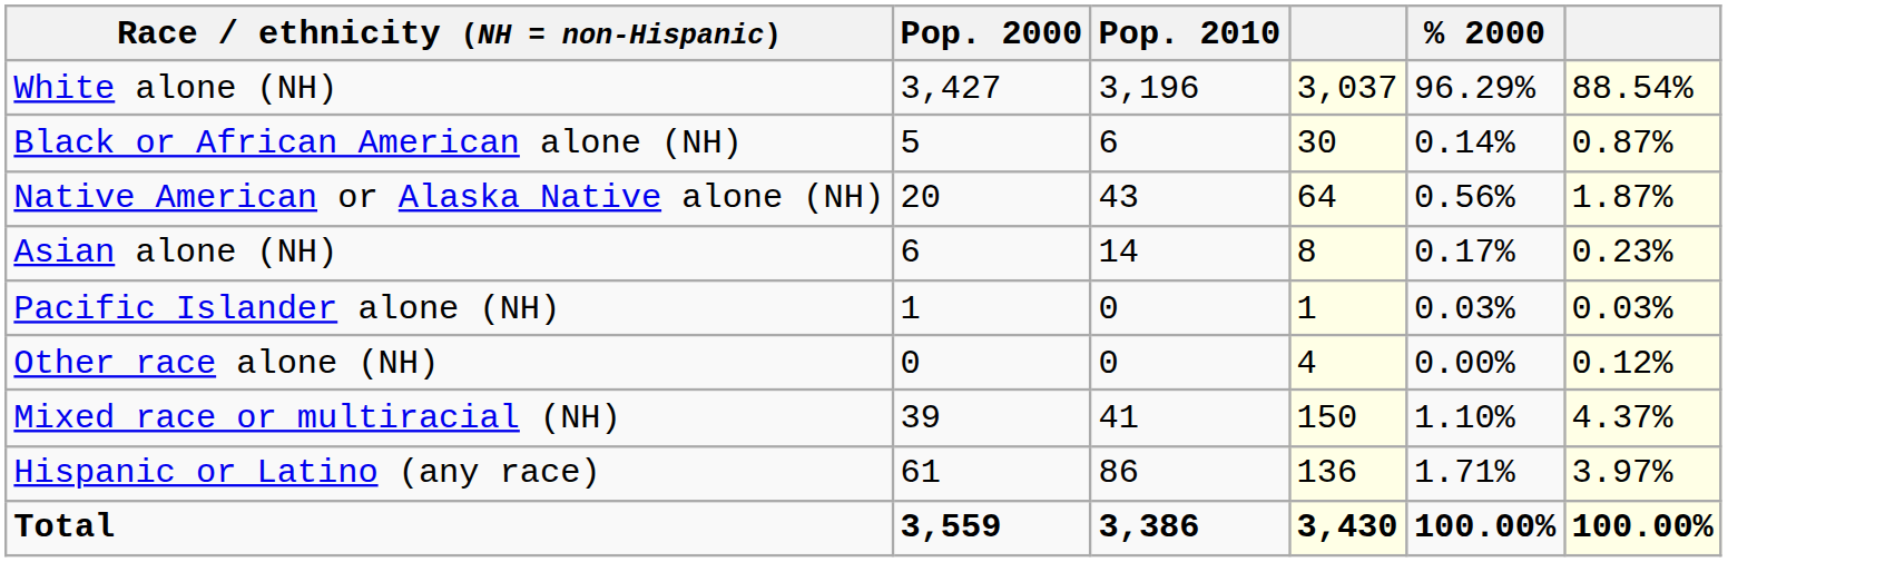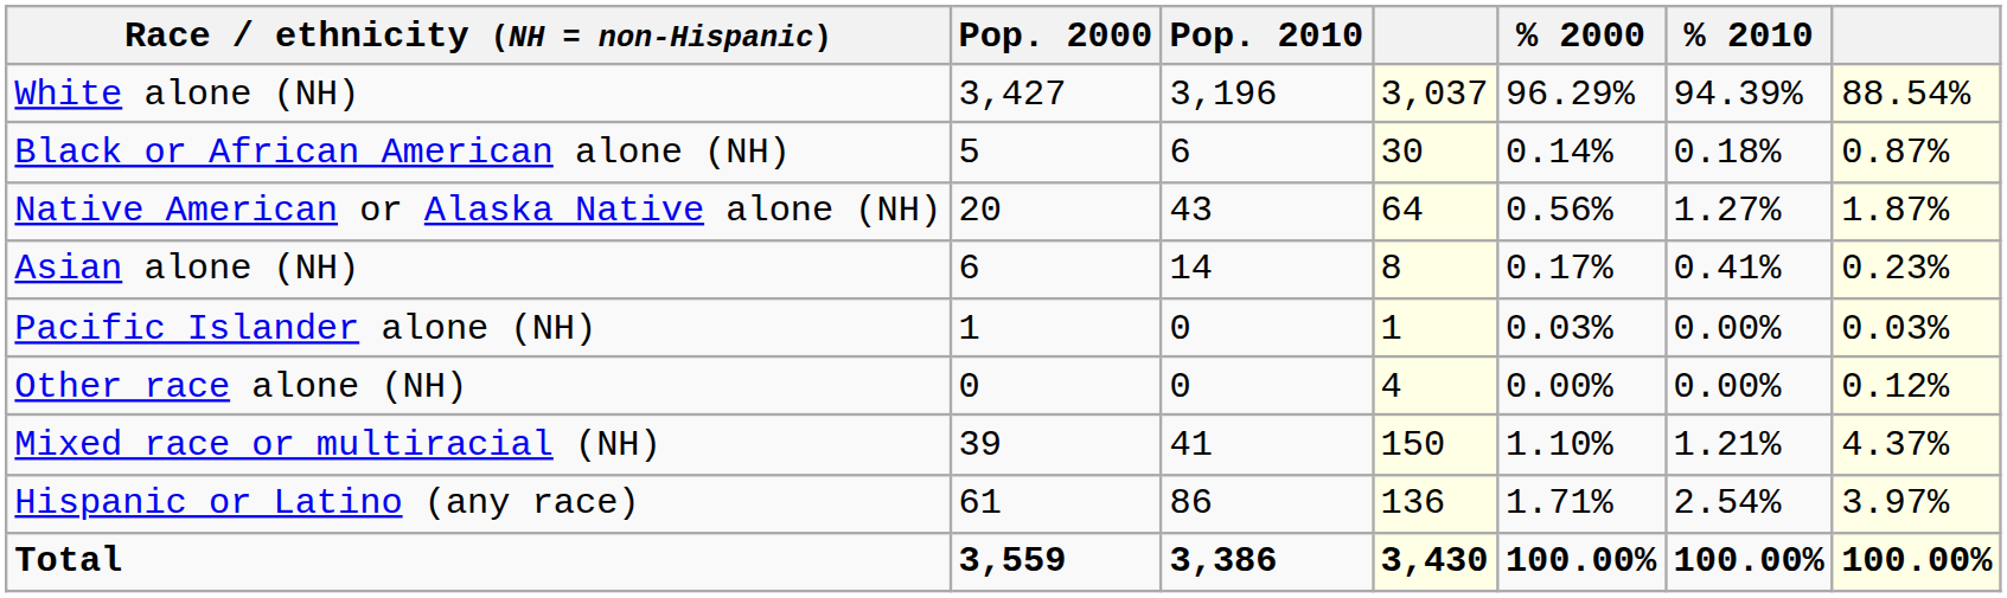 <table class="wikitable">
 <tr>
 <th>Race / ethnicity <small>(<em>NH = non-Hispanic</em>)</small></th>
 <th>Pop. 2000</th>
 <th>Pop. 2010</th>
 <th></th>
 <th>% 2000</th>
+<th>% 2010</th>
 <th></th>
 </tr>
 <tr>
 <td><a href='#'>White</a> alone (NH)</td>
 <td>3,427</td>
 <td>3,196</td>
 <td style='background: #ffffe6;'>3,037</td>
 <td>96.29%</td>
+<td>94.39%</td>
 <td style='background: #ffffe6;'>88.54%</td>
 </tr>
 <tr>
 <td><a href='#'>Black or African American</a> alone (NH)</td>
 <td>5</td>
 <td>6</td>
 <td style='background: #ffffe6;'>30</td>
 <td>0.14%</td>
+<td>0.18%</td>
 <td style='background: #ffffe6;'>0.87%</td>
 </tr>
 <tr>
 <td><a href='#'>Native American</a> or <a href='#'>Alaska Native</a> alone (NH)</td>
 <td>20</td>
 <td>43</td>
 <td style='background: #ffffe6;'>64</td>
 <td>0.56%</td>
+<td>1.27%</td>
 <td style='background: #ffffe6;'>1.87%</td>
 </tr>
 <tr>
 <td><a href='#'>Asian</a> alone (NH)</td>
 <td>6</td>
 <td>14</td>
 <td style='background: #ffffe6;'>8</td>
 <td>0.17%</td>
+<td>0.41%</td>
 <td style='background: #ffffe6;'>0.23%</td>
 </tr>
 <tr>
 <td><a href='#'>Pacific Islander</a> alone (NH)</td>
 <td>1</td>
 <td>0</td>
 <td style='background: #ffffe6;'>1</td>
 <td>0.03%</td>
+<td>0.00%</td>
 <td style='background: #ffffe6;'>0.03%</td>
 </tr>
 <tr>
 <td><a href='#'>Other race</a> alone (NH)</td>
 <td>0</td>
 <td>0</td>
 <td style='background: #ffffe6;'>4</td>
+<td>0.00%</td>
 <td>0.00%</td>
 <td style='background: #ffffe6;'>0.12%</td>
 </tr>
 <tr>
 <td><a href='#'>Mixed race or multiracial</a> (NH)</td>
 <td>39</td>
 <td>41</td>
 <td style='background: #ffffe6;'>150</td>
 <td>1.10%</td>
+<td>1.21%</td>
 <td style='background: #ffffe6;'>4.37%</td>
 </tr>
 <tr>
 <td><a href='#'>Hispanic or Latino</a> (any race)</td>
 <td>61</td>
 <td>86</td>
 <td style='background: #ffffe6;'>136</td>
 <td>1.71%</td>
+<td>2.54%</td>
 <td style='background: #ffffe6;'>3.97%</td>
 </tr>
 <tr>
 <td><strong>Total</strong></td>
 <td><strong>3,559</strong></td>
 <td><strong>3,386</strong></td>
 <td style='background: #ffffe6;'><strong>3,430</strong></td>
 <td><strong>100.00%</strong></td>
+<td><strong>100.00%</strong></td>
 <td style='background: #ffffe6;'><strong>100.00%</strong></td>
 </tr>
 </table>
